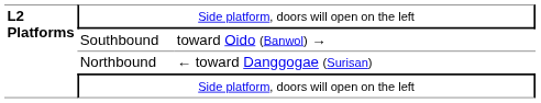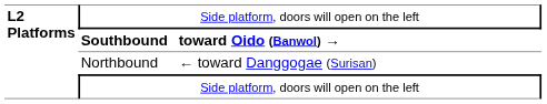 <table table border=0 cellspacing=0 cellpadding=3>
 <tr>
 <td style="border-top:solid 1px gray;border-bottom:solid 1px gray;" width=50 rowspan=10 valign=top><strong>L2<br>Platforms</strong></td>
 <td style="border-top:solid 1px gray;border-right:solid 2px black;border-left:solid 2px black;border-bottom:solid 2px black;text-align:center;" colspan=2><small><a href='#'>Side platform</a>, doors will open on the left</small></td>
 </tr>
 <tr>
-<td>Southbound</td>
-<td>  toward <a href='#'>Oido</a> <small>(<a href='#'>Banwol</a>)</small> →</td>
+<td><strong>Southbound</strong></td>
+<td><strong>  toward <a href='#'>Oido</a> <small>(<a href='#'>Banwol</a>)</small> →</strong></td>
 </tr>
 <tr>
 <td style="border-bottom:solid 0px gray;border-top:solid 1px gray;" width=100>Northbound</td>
 <td style="border-bottom:solid 0px gray;border-top:solid 1px gray;" width=390>←  toward <a href='#'>Danggogae</a> <small>(<a href='#'>Surisan</a>)</small></td>
 </tr>
 <tr>
 <td style="border-top:solid 2px black;border-right:solid 2px black;border-left:solid 2px black;border-bottom:solid 1px gray;text-align:center;" colspan=2><small><a href='#'>Side platform</a>, doors will open on the left</small></td>
 </tr>
 </table>
